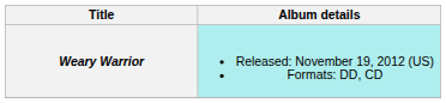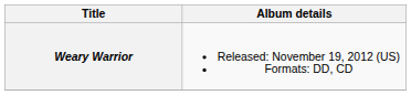 <table class="wikitable plainrowheaders" style="text-align:center;">
 <tr>
 <th scope="col" style="width:15em;">Title</th>
 <th scope="col" style="width:19em;">Album details</th>
 </tr>
 <tr>
 <th scope="row"><em>Weary Warrior</em></th>
-<td style="background: paleturquoise;"><br><ul><li>Released: November 19, 2012 <span>(US)</span></li><li>Formats: DD, CD</li></ul></td>
+<td><br><ul><li>Released: November 19, 2012 <span>(US)</span></li><li>Formats: DD, CD</li></ul></td>
 </tr>
 <tr>
 </tr>
 </table>
